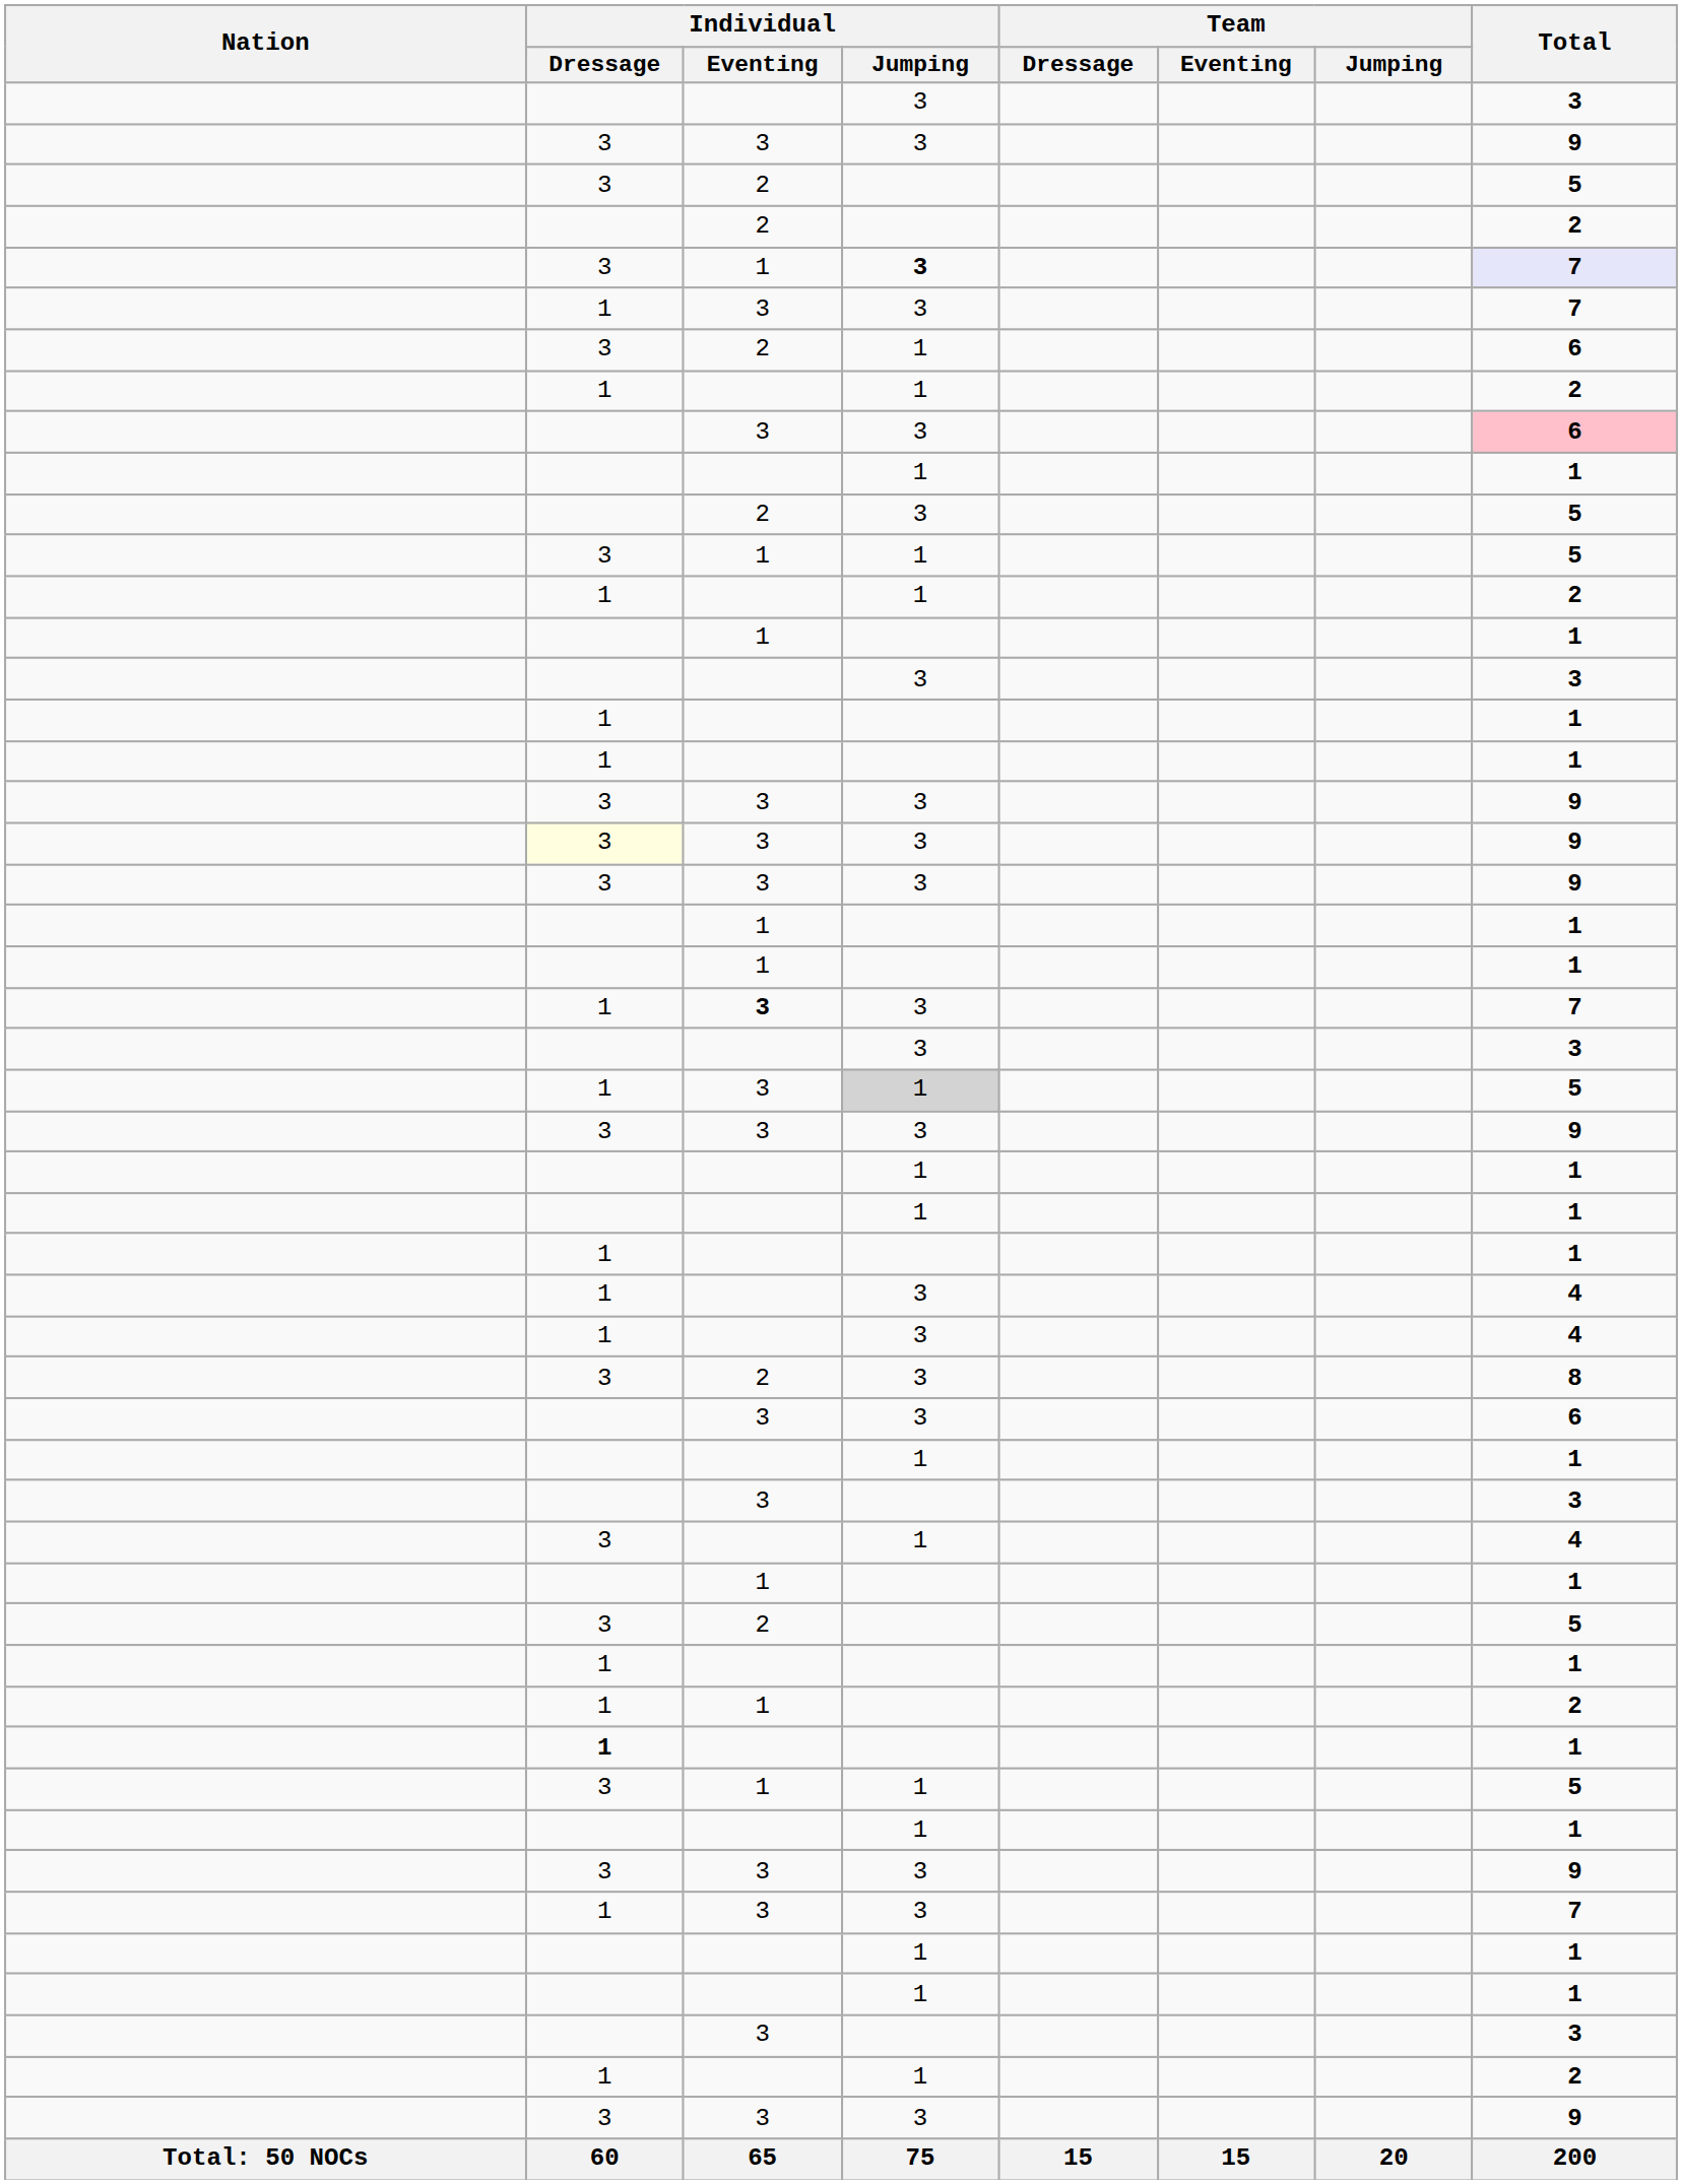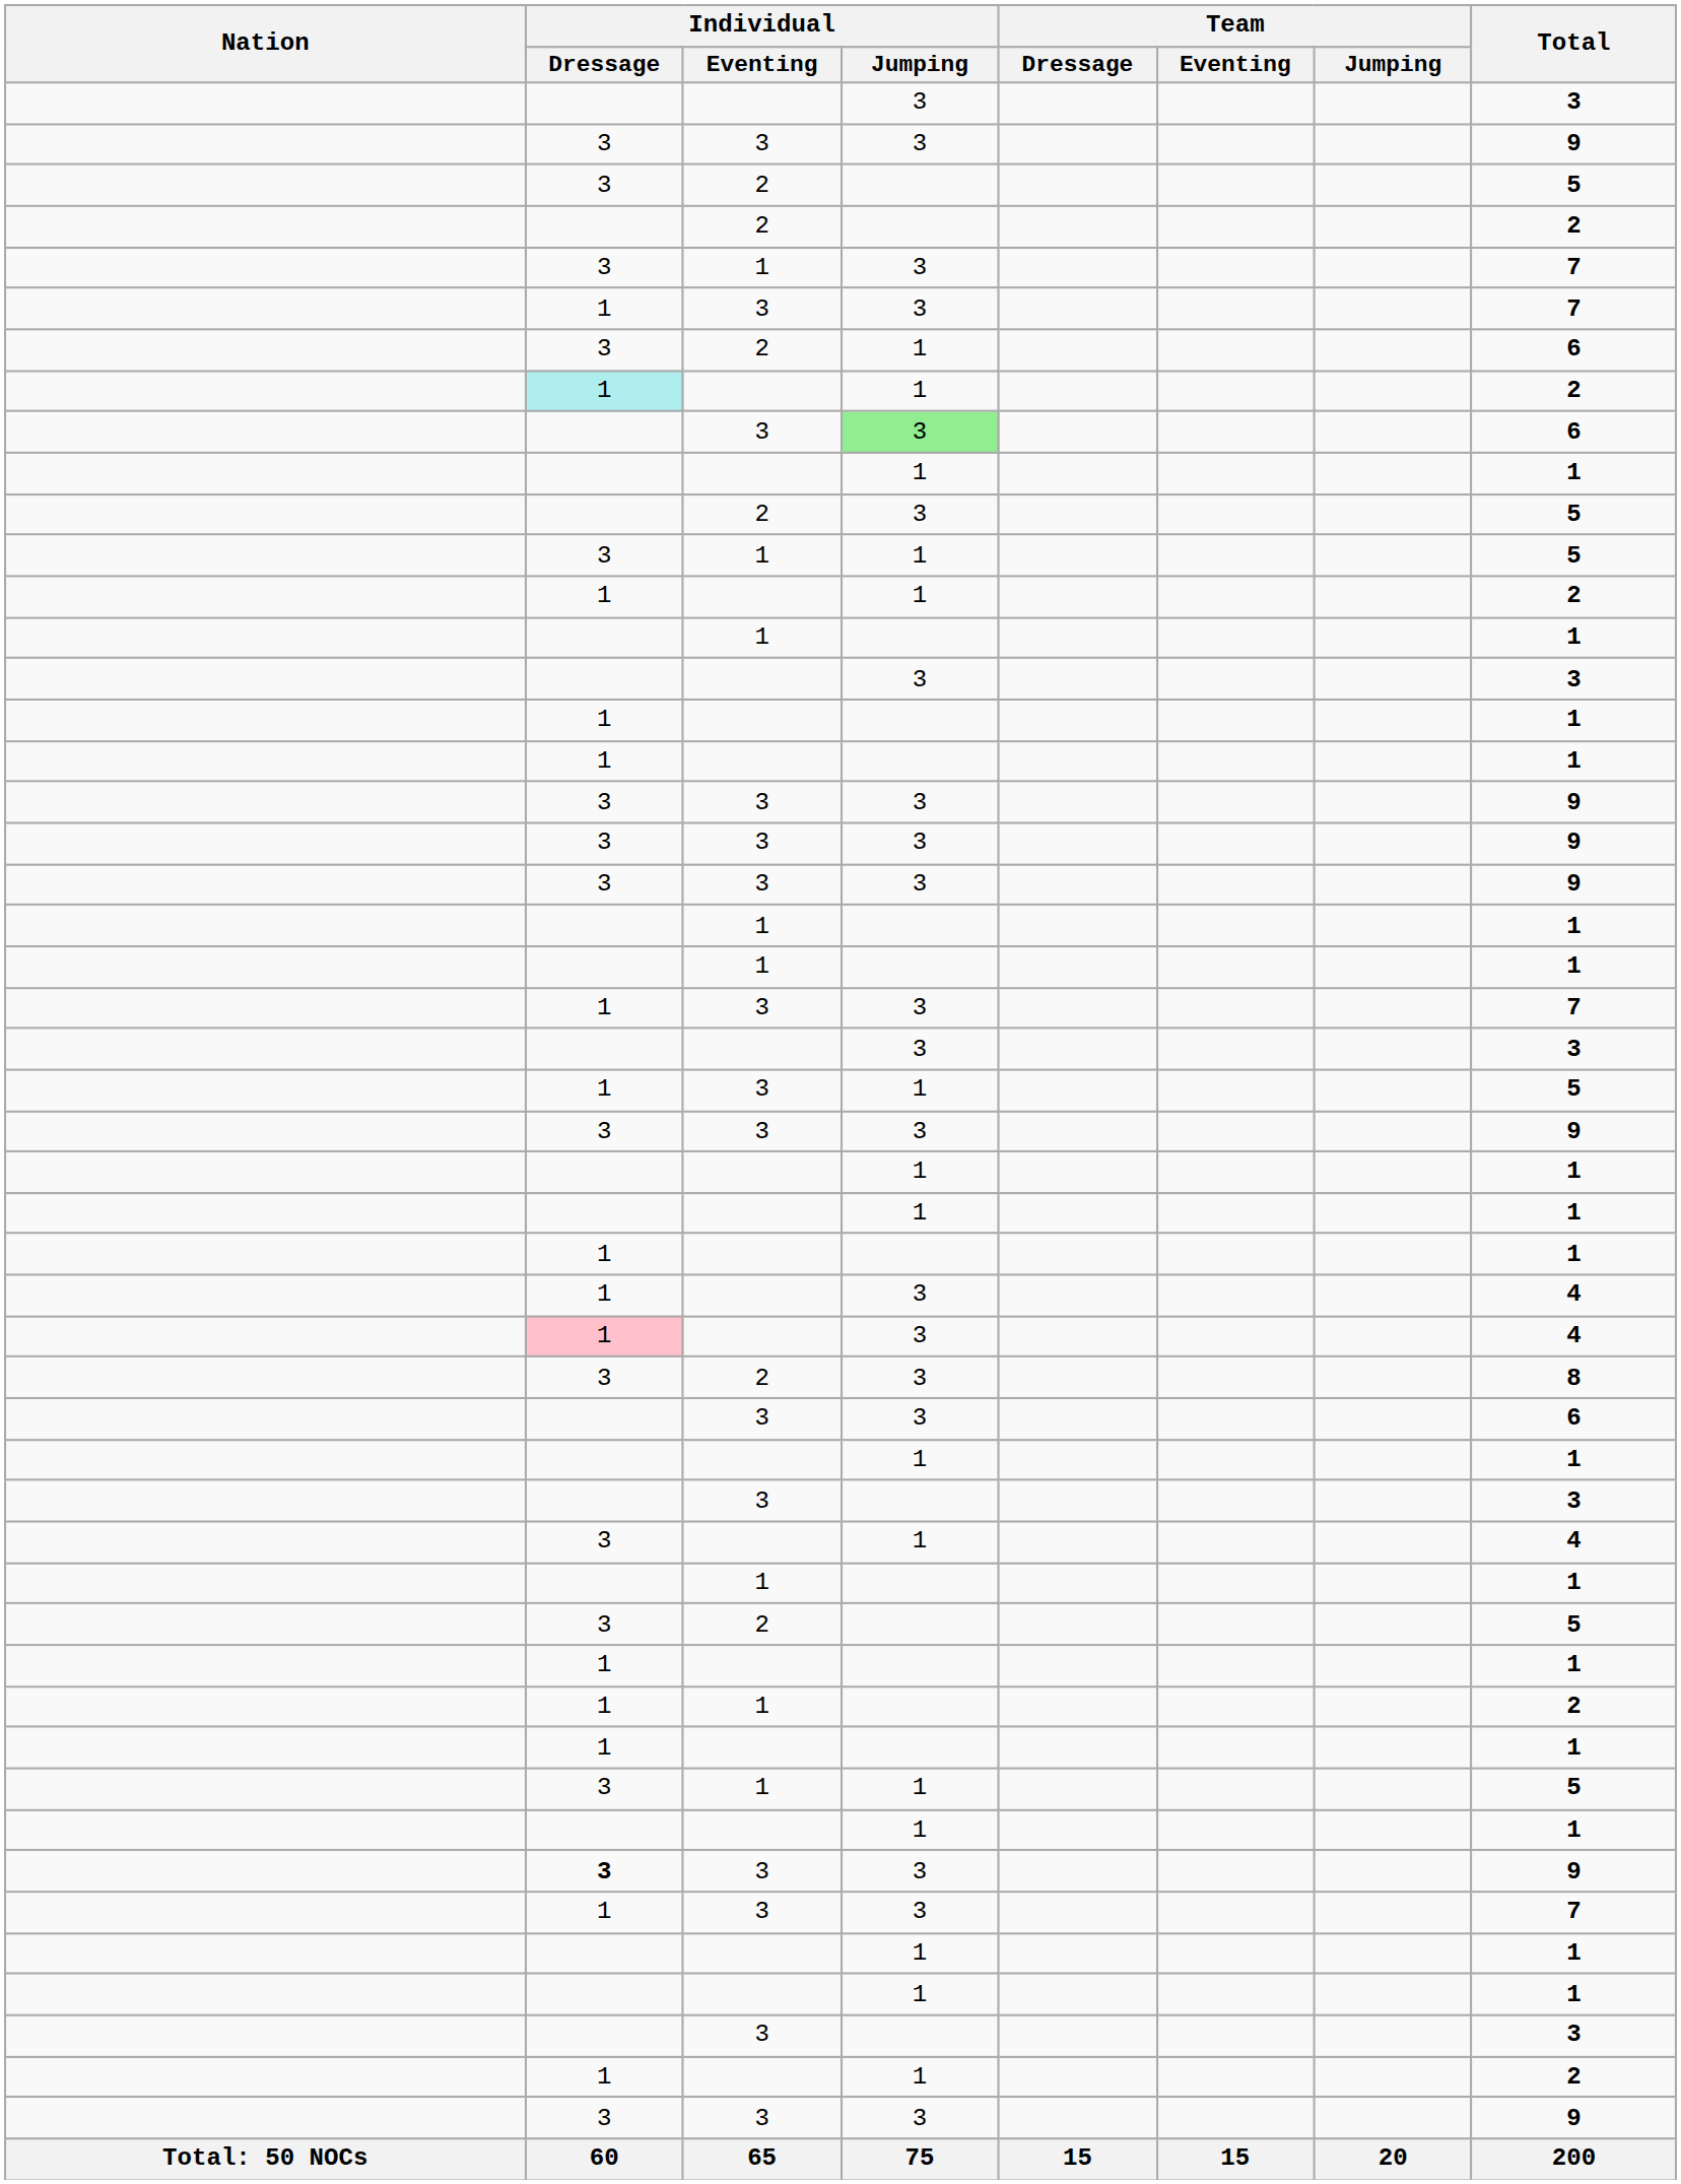 <table class="wikitable sortable" width=800 style="text-align:center; font-size:90%">
 <tr>
 <th rowspan="2" align="left">Nation</th>
 <th colspan="3">Individual</th>
 <th colspan="3">Team</th>
 <th rowspan="2">Total</th>
 </tr>
 <tr style="font-size:95%">
 <th width=70>Dressage</th>
 <th width=70>Eventing</th>
 <th width=70>Jumping</th>
 <th width=70>Dressage</th>
 <th width=70>Eventing</th>
 <th width=70>Jumping</th>
 </tr>
 <tr>
 <td align=left></td>
 <td></td>
 <td></td>
 <td>3</td>
 <td></td>
 <td></td>
 <td></td>
 <td><strong>3</strong></td>
 </tr>
 <tr>
 <td align=left></td>
 <td>3</td>
 <td>3</td>
 <td>3</td>
 <td></td>
 <td></td>
 <td></td>
 <td><strong>9</strong></td>
 </tr>
 <tr>
 <td align=left></td>
 <td>3</td>
 <td>2</td>
 <td></td>
 <td></td>
 <td></td>
 <td></td>
 <td><strong>5</strong></td>
 </tr>
 <tr>
 <td align=left></td>
 <td></td>
 <td>2</td>
 <td></td>
 <td></td>
 <td></td>
 <td></td>
 <td><strong>2</strong></td>
 </tr>
 <tr>
 <td align=left></td>
 <td>3</td>
 <td>1</td>
-<td><strong>3</strong></td>
+<td>3</td>
 <td></td>
 <td></td>
 <td></td>
-<td style="background: lavender;"><strong>7</strong></td>
+<td><strong>7</strong></td>
 </tr>
 <tr>
 <td align=left></td>
 <td>1</td>
 <td>3</td>
 <td>3</td>
 <td></td>
 <td></td>
 <td></td>
 <td><strong>7</strong></td>
 </tr>
 <tr>
 <td align=left></td>
 <td>3</td>
 <td>2</td>
 <td>1</td>
 <td></td>
 <td></td>
 <td></td>
 <td><strong>6</strong></td>
 </tr>
 <tr>
 <td align=left></td>
-<td>1</td>
+<td style="background: paleturquoise;">1</td>
 <td></td>
 <td>1</td>
 <td></td>
 <td></td>
 <td></td>
 <td><strong>2</strong></td>
 </tr>
 <tr>
 <td align=left></td>
 <td></td>
 <td>3</td>
-<td>3</td>
+<td style="background: lightgreen;">3</td>
 <td></td>
 <td></td>
 <td></td>
-<td style="background: pink;"><strong>6</strong></td>
+<td><strong>6</strong></td>
 </tr>
 <tr>
 <td align=left></td>
 <td></td>
 <td></td>
 <td>1</td>
 <td></td>
 <td></td>
 <td></td>
 <td><strong>1</strong></td>
 </tr>
 <tr>
 <td align=left></td>
 <td></td>
 <td>2</td>
 <td>3</td>
 <td></td>
 <td></td>
 <td></td>
 <td><strong>5</strong></td>
 </tr>
 <tr>
 <td align=left></td>
 <td>3</td>
 <td>1</td>
 <td>1</td>
 <td></td>
 <td></td>
 <td></td>
 <td><strong>5</strong></td>
 </tr>
 <tr>
 <td align=left></td>
 <td>1</td>
 <td></td>
 <td>1</td>
 <td></td>
 <td></td>
 <td></td>
 <td><strong>2</strong></td>
 </tr>
 <tr>
 <td align=left></td>
 <td></td>
 <td>1</td>
 <td></td>
 <td></td>
 <td></td>
 <td></td>
 <td><strong>1</strong></td>
 </tr>
 <tr>
 <td align=left></td>
 <td></td>
 <td></td>
 <td>3</td>
 <td></td>
 <td></td>
 <td></td>
 <td><strong>3</strong></td>
 </tr>
 <tr>
 <td align=left></td>
 <td>1</td>
 <td></td>
 <td></td>
 <td></td>
 <td></td>
 <td></td>
 <td><strong>1</strong></td>
 </tr>
 <tr>
 <td align=left></td>
 <td>1</td>
 <td></td>
 <td></td>
 <td></td>
 <td></td>
 <td></td>
 <td><strong>1</strong></td>
 </tr>
 <tr>
 <td align=left></td>
 <td>3</td>
 <td>3</td>
 <td>3</td>
 <td></td>
 <td></td>
 <td></td>
 <td><strong>9</strong></td>
 </tr>
 <tr>
 <td align=left></td>
-<td style="background: lightyellow;">3</td>
+<td>3</td>
 <td>3</td>
 <td>3</td>
 <td></td>
 <td></td>
 <td></td>
 <td><strong>9</strong></td>
 </tr>
 <tr>
 <td align=left></td>
 <td>3</td>
 <td>3</td>
 <td>3</td>
 <td></td>
 <td></td>
 <td></td>
 <td><strong>9</strong></td>
 </tr>
 <tr>
 <td align=left></td>
 <td></td>
 <td>1</td>
 <td></td>
 <td></td>
 <td></td>
 <td></td>
 <td><strong>1</strong></td>
 </tr>
 <tr>
 <td align=left></td>
 <td></td>
 <td>1</td>
 <td></td>
 <td></td>
 <td></td>
 <td></td>
 <td><strong>1</strong></td>
 </tr>
 <tr>
 <td align=left></td>
 <td>1</td>
-<td><strong>3</strong></td>
+<td>3</td>
 <td>3</td>
 <td></td>
 <td></td>
 <td></td>
 <td><strong>7</strong></td>
 </tr>
 <tr>
 <td align=left></td>
 <td></td>
 <td></td>
 <td>3</td>
 <td></td>
 <td></td>
 <td></td>
 <td><strong>3</strong></td>
 </tr>
 <tr>
 <td align=left></td>
 <td>1</td>
 <td>3</td>
-<td style="background: lightgrey;">1</td>
+<td>1</td>
 <td></td>
 <td></td>
 <td></td>
 <td><strong>5</strong></td>
 </tr>
 <tr>
 <td align=left></td>
 <td>3</td>
 <td>3</td>
 <td>3</td>
 <td></td>
 <td></td>
 <td></td>
 <td><strong>9</strong></td>
 </tr>
 <tr>
 <td align=left></td>
 <td></td>
 <td></td>
 <td>1</td>
 <td></td>
 <td></td>
 <td></td>
 <td><strong>1</strong></td>
 </tr>
 <tr>
 <td align=left></td>
 <td></td>
 <td></td>
 <td>1</td>
 <td></td>
 <td></td>
 <td></td>
 <td><strong>1</strong></td>
 </tr>
 <tr>
 <td align=left></td>
 <td>1</td>
 <td></td>
 <td></td>
 <td></td>
 <td></td>
 <td></td>
 <td><strong>1</strong></td>
 </tr>
 <tr>
 <td align=left></td>
 <td>1</td>
 <td></td>
 <td>3</td>
 <td></td>
 <td></td>
 <td></td>
 <td><strong>4</strong></td>
 </tr>
 <tr>
 <td align=left></td>
-<td>1</td>
+<td style="background: pink;">1</td>
 <td></td>
 <td>3</td>
 <td></td>
 <td></td>
 <td></td>
 <td><strong>4</strong></td>
 </tr>
 <tr>
 <td align=left></td>
 <td>3</td>
 <td>2</td>
 <td>3</td>
 <td></td>
 <td></td>
 <td></td>
 <td><strong>8</strong></td>
 </tr>
 <tr>
 <td align=left></td>
 <td></td>
 <td>3</td>
 <td>3</td>
 <td></td>
 <td></td>
 <td></td>
 <td><strong>6</strong></td>
 </tr>
 <tr>
 <td align=left></td>
 <td></td>
 <td></td>
 <td>1</td>
 <td></td>
 <td></td>
 <td></td>
 <td><strong>1</strong></td>
 </tr>
 <tr>
 <td align=left></td>
 <td></td>
 <td>3</td>
 <td></td>
 <td></td>
 <td></td>
 <td></td>
 <td><strong>3</strong></td>
 </tr>
 <tr>
 <td align=left></td>
 <td>3</td>
 <td></td>
 <td>1</td>
 <td></td>
 <td></td>
 <td></td>
 <td><strong>4</strong></td>
 </tr>
 <tr>
 <td align=left></td>
 <td></td>
 <td>1</td>
 <td></td>
 <td></td>
 <td></td>
 <td></td>
 <td><strong>1</strong></td>
 </tr>
 <tr>
 <td align=left></td>
 <td>3</td>
 <td>2</td>
 <td></td>
 <td></td>
 <td></td>
 <td></td>
 <td><strong>5</strong></td>
 </tr>
 <tr>
 <td align=left></td>
 <td>1</td>
 <td></td>
 <td></td>
 <td></td>
 <td></td>
 <td></td>
 <td><strong>1</strong></td>
 </tr>
 <tr>
 <td align=left></td>
 <td>1</td>
 <td>1</td>
 <td></td>
 <td></td>
 <td></td>
 <td></td>
 <td><strong>2</strong></td>
 </tr>
 <tr>
 <td align=left></td>
-<td><strong>1</strong></td>
+<td>1</td>
 <td></td>
 <td></td>
 <td></td>
 <td></td>
 <td></td>
 <td><strong>1</strong></td>
 </tr>
 <tr>
 <td align=left></td>
 <td>3</td>
 <td>1</td>
 <td>1</td>
 <td></td>
 <td></td>
 <td></td>
 <td><strong>5</strong></td>
 </tr>
 <tr>
 <td align=left></td>
 <td></td>
 <td></td>
 <td>1</td>
 <td></td>
 <td></td>
 <td></td>
 <td><strong>1</strong></td>
 </tr>
 <tr>
 <td align=left></td>
-<td>3</td>
+<td><strong>3</strong></td>
 <td>3</td>
 <td>3</td>
 <td></td>
 <td></td>
 <td></td>
 <td><strong>9</strong></td>
 </tr>
 <tr>
 <td align=left></td>
 <td>1</td>
 <td>3</td>
 <td>3</td>
 <td></td>
 <td></td>
 <td></td>
 <td><strong>7</strong></td>
 </tr>
 <tr>
 <td align=left></td>
 <td></td>
 <td></td>
 <td>1</td>
 <td></td>
 <td></td>
 <td></td>
 <td><strong>1</strong></td>
 </tr>
 <tr>
 <td align=left></td>
 <td></td>
 <td></td>
 <td>1</td>
 <td></td>
 <td></td>
 <td></td>
 <td><strong>1</strong></td>
 </tr>
 <tr>
 <td align=left></td>
 <td></td>
 <td>3</td>
 <td></td>
 <td></td>
 <td></td>
 <td></td>
 <td><strong>3</strong></td>
 </tr>
 <tr>
 <td align=left></td>
 <td>1</td>
 <td></td>
 <td>1</td>
 <td></td>
 <td></td>
 <td></td>
 <td><strong>2</strong></td>
 </tr>
 <tr>
 <td align=left></td>
 <td>3</td>
 <td>3</td>
 <td>3</td>
 <td></td>
 <td></td>
 <td></td>
 <td><strong>9</strong></td>
 </tr>
 <tr>
 <th>Total: 50 NOCs</th>
 <th>60</th>
 <th>65</th>
 <th>75</th>
 <th>15</th>
 <th>15</th>
 <th>20</th>
 <th>200</th>
 </tr>
 </table>
